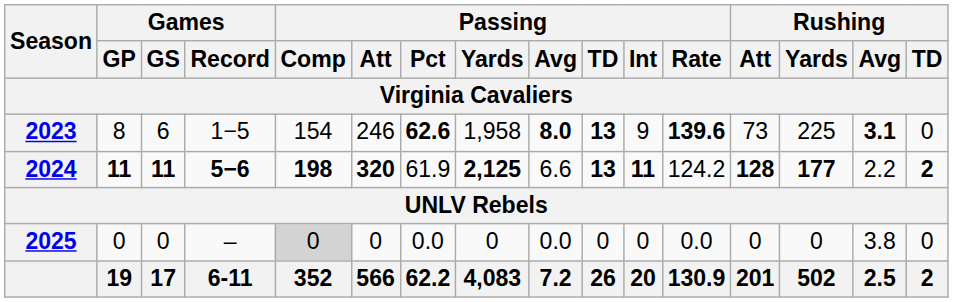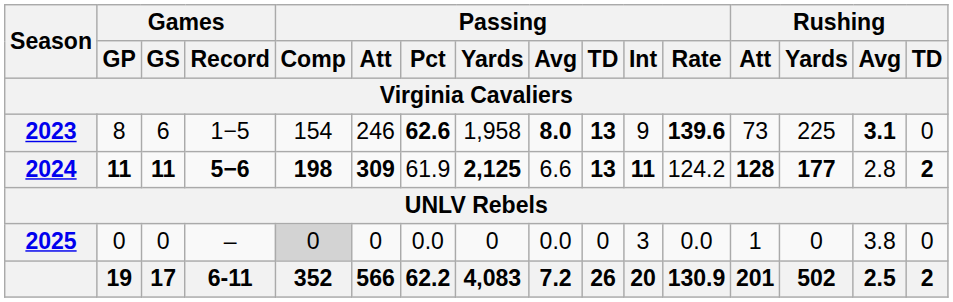 <table class="wikitable" style="text-align:center;">
 <tr>
 <th rowspan="2">Season</th>
 <th colspan="3">Games</th>
 <th colspan="8">Passing</th>
 <th colspan="5">Rushing</th>
 </tr>
 <tr>
 <th>GP</th>
 <th>GS</th>
 <th>Record</th>
 <th>Comp</th>
 <th>Att</th>
 <th>Pct</th>
 <th>Yards</th>
 <th>Avg</th>
 <th>TD</th>
 <th>Int</th>
 <th>Rate</th>
 <th>Att</th>
 <th>Yards</th>
 <th>Avg</th>
 <th>TD</th>
 </tr>
 <tr>
 <th colspan="16">Virginia Cavaliers</th>
 </tr>
 <tr>
 <th><a href='#'>2023</a></th>
 <td>8</td>
 <td>6</td>
 <td>1−5</td>
 <td>154</td>
 <td>246</td>
 <td><strong>62.6</strong></td>
 <td>1,958</td>
 <td><strong>8.0</strong></td>
 <td><strong>13</strong></td>
 <td>9</td>
 <td><strong>139.6</strong></td>
 <td>73</td>
 <td>225</td>
 <td><strong>3.1</strong></td>
 <td>0</td>
 </tr>
 <tr>
 <th><a href='#'>2024</a></th>
 <td><strong>11</strong></td>
 <td><strong>11</strong></td>
 <td><strong>5−6</strong></td>
 <td><strong>198</strong></td>
-<td><strong>320</strong></td>
+<td><strong>309</strong></td>
 <td>61.9</td>
 <td><strong>2,125</strong></td>
 <td>6.6</td>
 <td><strong>13</strong></td>
 <td><strong>11</strong></td>
 <td>124.2</td>
 <td><strong>128</strong></td>
 <td><strong>177</strong></td>
-<td>2.2</td>
+<td>2.8</td>
 <td><strong>2</strong></td>
 </tr>
 <tr>
 <th colspan="16">UNLV Rebels</th>
 </tr>
 <tr>
 <th><a href='#'>2025</a></th>
 <td>0</td>
 <td>0</td>
 <td>–</td>
 <td style="background: lightgrey;">0</td>
 <td>0</td>
 <td>0.0</td>
 <td>0</td>
 <td>0.0</td>
 <td>0</td>
-<td>0</td>
+<td>3</td>
 <td>0.0</td>
-<td>0</td>
+<td>1</td>
 <td>0</td>
 <td>3.8</td>
 <td>0</td>
 </tr>
 <tr>
 <th></th>
 <th>19</th>
 <th>17</th>
 <th>6-11</th>
 <th>352</th>
 <th>566</th>
 <th>62.2</th>
 <th>4,083</th>
 <th>7.2</th>
 <th>26</th>
 <th>20</th>
 <th>130.9</th>
 <th>201</th>
 <th>502</th>
 <th>2.5</th>
 <th>2</th>
 </tr>
 </table>
